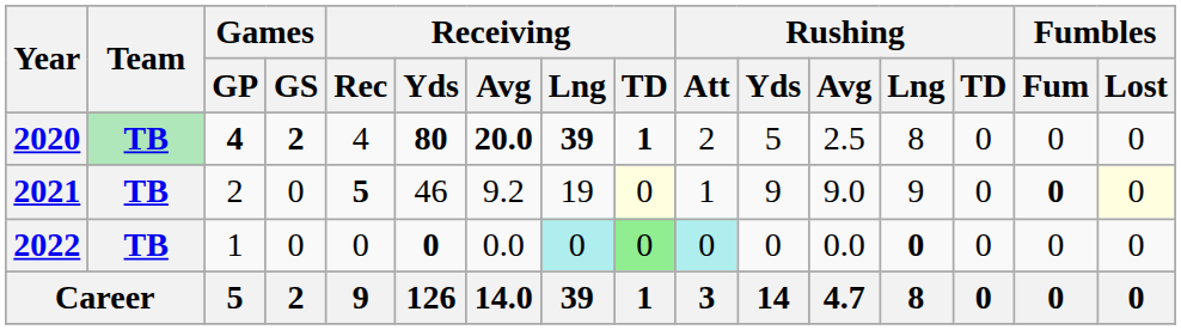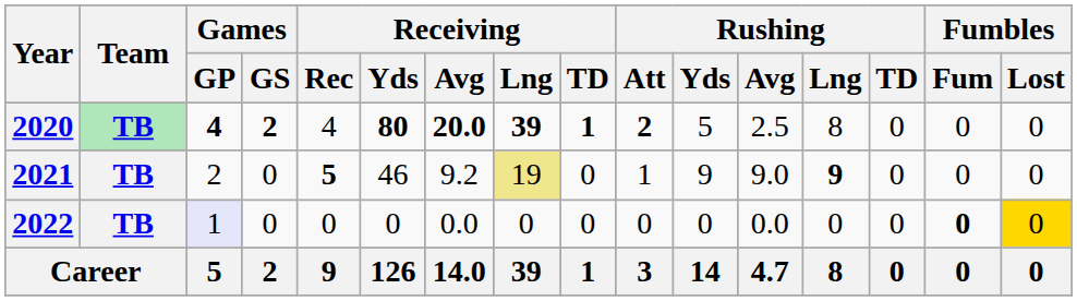 <table class=wikitable style="text-align:center;">
 <tr>
 <th rowspan="2">Year</th>
 <th rowspan="2">Team</th>
 <th colspan="2">Games</th>
 <th colspan="5">Receiving</th>
 <th colspan="5">Rushing</th>
 <th colspan="2">Fumbles</th>
 </tr>
 <tr>
 <th>GP</th>
 <th>GS</th>
 <th>Rec</th>
 <th>Yds</th>
 <th>Avg</th>
 <th>Lng</th>
 <th>TD</th>
 <th>Att</th>
 <th>Yds</th>
 <th>Avg</th>
 <th>Lng</th>
 <th>TD</th>
 <th>Fum</th>
 <th>Lost</th>
 </tr>
 <tr>
 <th><a href='#'>2020</a></th>
 <th style="background:#afe6ba; width:3em;"><a href='#'>TB</a></th>
 <td><strong>4</strong></td>
 <td><strong>2</strong></td>
 <td>4</td>
 <td><strong>80</strong></td>
 <td><strong>20.0</strong></td>
 <td><strong>39</strong></td>
 <td><strong>1</strong></td>
-<td>2</td>
+<td><strong>2</strong></td>
 <td>5</td>
 <td>2.5</td>
 <td>8</td>
 <td>0</td>
 <td>0</td>
 <td>0</td>
 </tr>
 <tr>
 <th><a href='#'>2021</a></th>
 <th><a href='#'>TB</a></th>
 <td>2</td>
 <td>0</td>
 <td><strong>5</strong></td>
 <td>46</td>
 <td>9.2</td>
-<td>19</td>
-<td style="background: lightyellow;">0</td>
+<td style="background: khaki;">19</td>
+<td>0</td>
 <td>1</td>
 <td>9</td>
 <td>9.0</td>
-<td>9</td>
+<td><strong>9</strong></td>
 <td>0</td>
-<td><strong>0</strong></td>
-<td style="background: lightyellow;">0</td>
+<td>0</td>
+<td>0</td>
 </tr>
 <tr>
 <th><a href='#'>2022</a></th>
 <th><a href='#'>TB</a></th>
-<td>1</td>
+<td style="background: lavender;">1</td>
+<td>0</td>
+<td>0</td>
+<td>0</td>
+<td>0.0</td>
+<td>0</td>
+<td>0</td>
+<td>0</td>
+<td>0</td>
+<td>0.0</td>
 <td>0</td>
 <td>0</td>
 <td><strong>0</strong></td>
-<td>0.0</td>
-<td style="background: paleturquoise;">0</td>
-<td style="background: lightgreen;">0</td>
-<td style="background: paleturquoise;">0</td>
-<td>0</td>
-<td>0.0</td>
-<td><strong>0</strong></td>
-<td>0</td>
-<td>0</td>
-<td>0</td>
+<td style="background: gold;">0</td>
 </tr>
 <tr>
 <th colspan="2">Career</th>
 <th>5</th>
 <th>2</th>
 <th>9</th>
 <th>126</th>
 <th>14.0</th>
 <th>39</th>
 <th>1</th>
 <th>3</th>
 <th>14</th>
 <th>4.7</th>
 <th>8</th>
 <th>0</th>
 <th>0</th>
 <th>0</th>
 </tr>
 </table>
